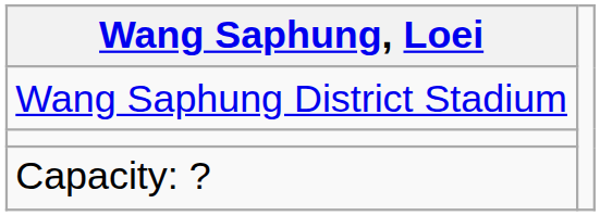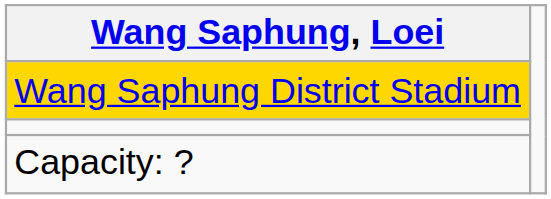 <table class="wikitable" style="margin-left: auto; margin-right: auto; border: none;">
 <tr>
 <th><a href='#'>Wang Saphung</a>, <a href='#'>Loei</a></th>
 <td rowspan="4"><br></td>
 </tr>
 <tr>
-<td><a href='#'>Wang Saphung District Stadium</a></td>
+<td style="background: gold;"><a href='#'>Wang Saphung District Stadium</a></td>
 </tr>
 <tr>
 <td><small></small></td>
 </tr>
 <tr>
 <td>Capacity: ?</td>
 </tr>
 </table>
